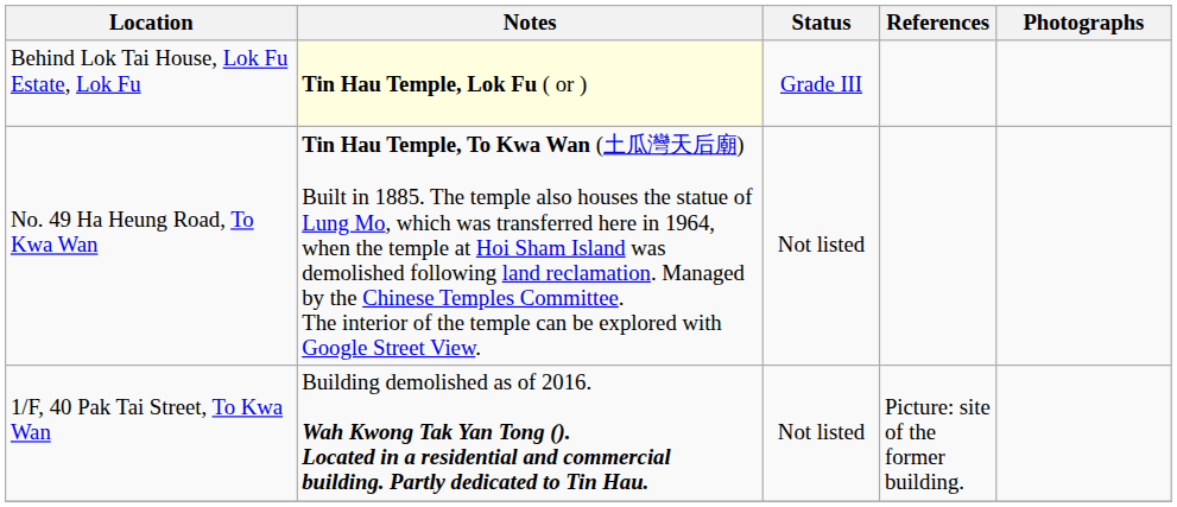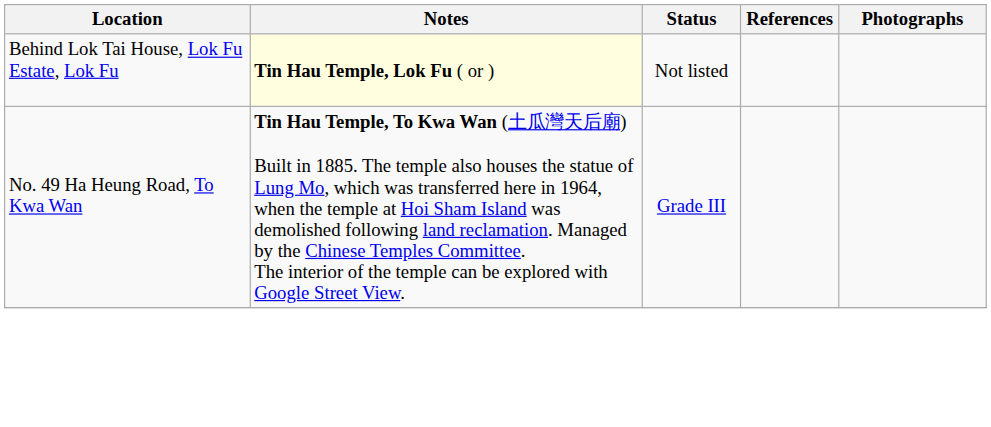 <table class="wikitable sortable" style="width:95%">
 <tr>
 <th width="25%">Location</th>
 <th width="40%">Notes</th>
 <th width="10%">Status</th>
 <th width="10%">References</th>
 <th width="15%">Photographs</th>
 </tr>
 <tr>
 <td>Behind Lok Tai House, <a href='#'>Lok Fu Estate</a>, <a href='#'>Lok Fu</a><br><br></td>
 <td style="background: lightyellow;"><strong>Tin Hau Temple, Lok Fu</strong> ( or )</td>
-<td style="text-align:center"><a href='#'>Grade III</a></td>
+<td style="text-align:center">Not listed</td>
 <td> </td>
 <td></td>
 </tr>
 <tr>
 <td>No. 49 Ha Heung Road, <a href='#'>To Kwa Wan</a><br><br></td>
 <td><strong>Tin Hau Temple, To Kwa Wan</strong> (<a href='#'>土瓜灣天后廟</a>)<br><br>Built in 1885. The temple also houses the statue of <a href='#'>Lung Mo</a>, which was transferred here in 1964, when the temple at <a href='#'>Hoi Sham Island</a> was demolished following <a href='#'>land reclamation</a>. Managed by the <a href='#'>Chinese Temples Committee</a>.<br> The interior of the temple can be explored with <a href='#'>Google Street View</a>.</td>
-<td style="text-align:center">Not listed</td>
+<td style="text-align:center"><a href='#'>Grade III</a></td>
 <td>  </td>
-<td></td>
-</tr>
-<tr>
-<td>1/F, 40 Pak Tai Street, <a href='#'>To Kwa Wan</a><br><br></td>
-<td>Building demolished as of 2016.<br><br><strong><em>Wah Kwong Tak Yan Tong<strong> ().<em><br></em>Located in a residential and commercial building. Partly dedicated to Tin Hau.<em></td>
-<td style="text-align:center">Not listed</td>
-<td><br>Picture: site of the former building.</td>
 <td></td>
 </tr>
 <tr>
 </tr>
 </table>
